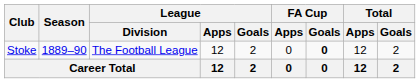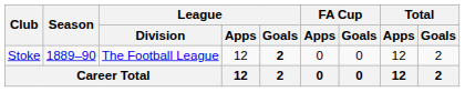 <table class="wikitable" style="text-align: center;">
 <tr>
 <th rowspan="2">Club</th>
 <th rowspan="2">Season</th>
 <th colspan="3">League</th>
 <th colspan="2">FA Cup</th>
 <th colspan="2">Total</th>
 </tr>
 <tr>
 <th>Division</th>
 <th>Apps</th>
 <th>Goals</th>
 <th>Apps</th>
 <th>Goals</th>
 <th>Apps</th>
 <th>Goals</th>
 </tr>
 <tr>
 <td><a href='#'>Stoke</a></td>
 <td><a href='#'>1889–90</a></td>
 <td><a href='#'>The Football League</a></td>
 <td>12</td>
-<td>2</td>
+<td><strong>2</strong></td>
 <td>0</td>
-<td><strong>0</strong></td>
+<td>0</td>
 <td>12</td>
 <td>2</td>
 </tr>
 <tr>
 <th colspan=3>Career Total</th>
 <th>12</th>
 <th>2</th>
 <th>0</th>
 <th>0</th>
 <th>12</th>
 <th>2</th>
 </tr>
 </table>
